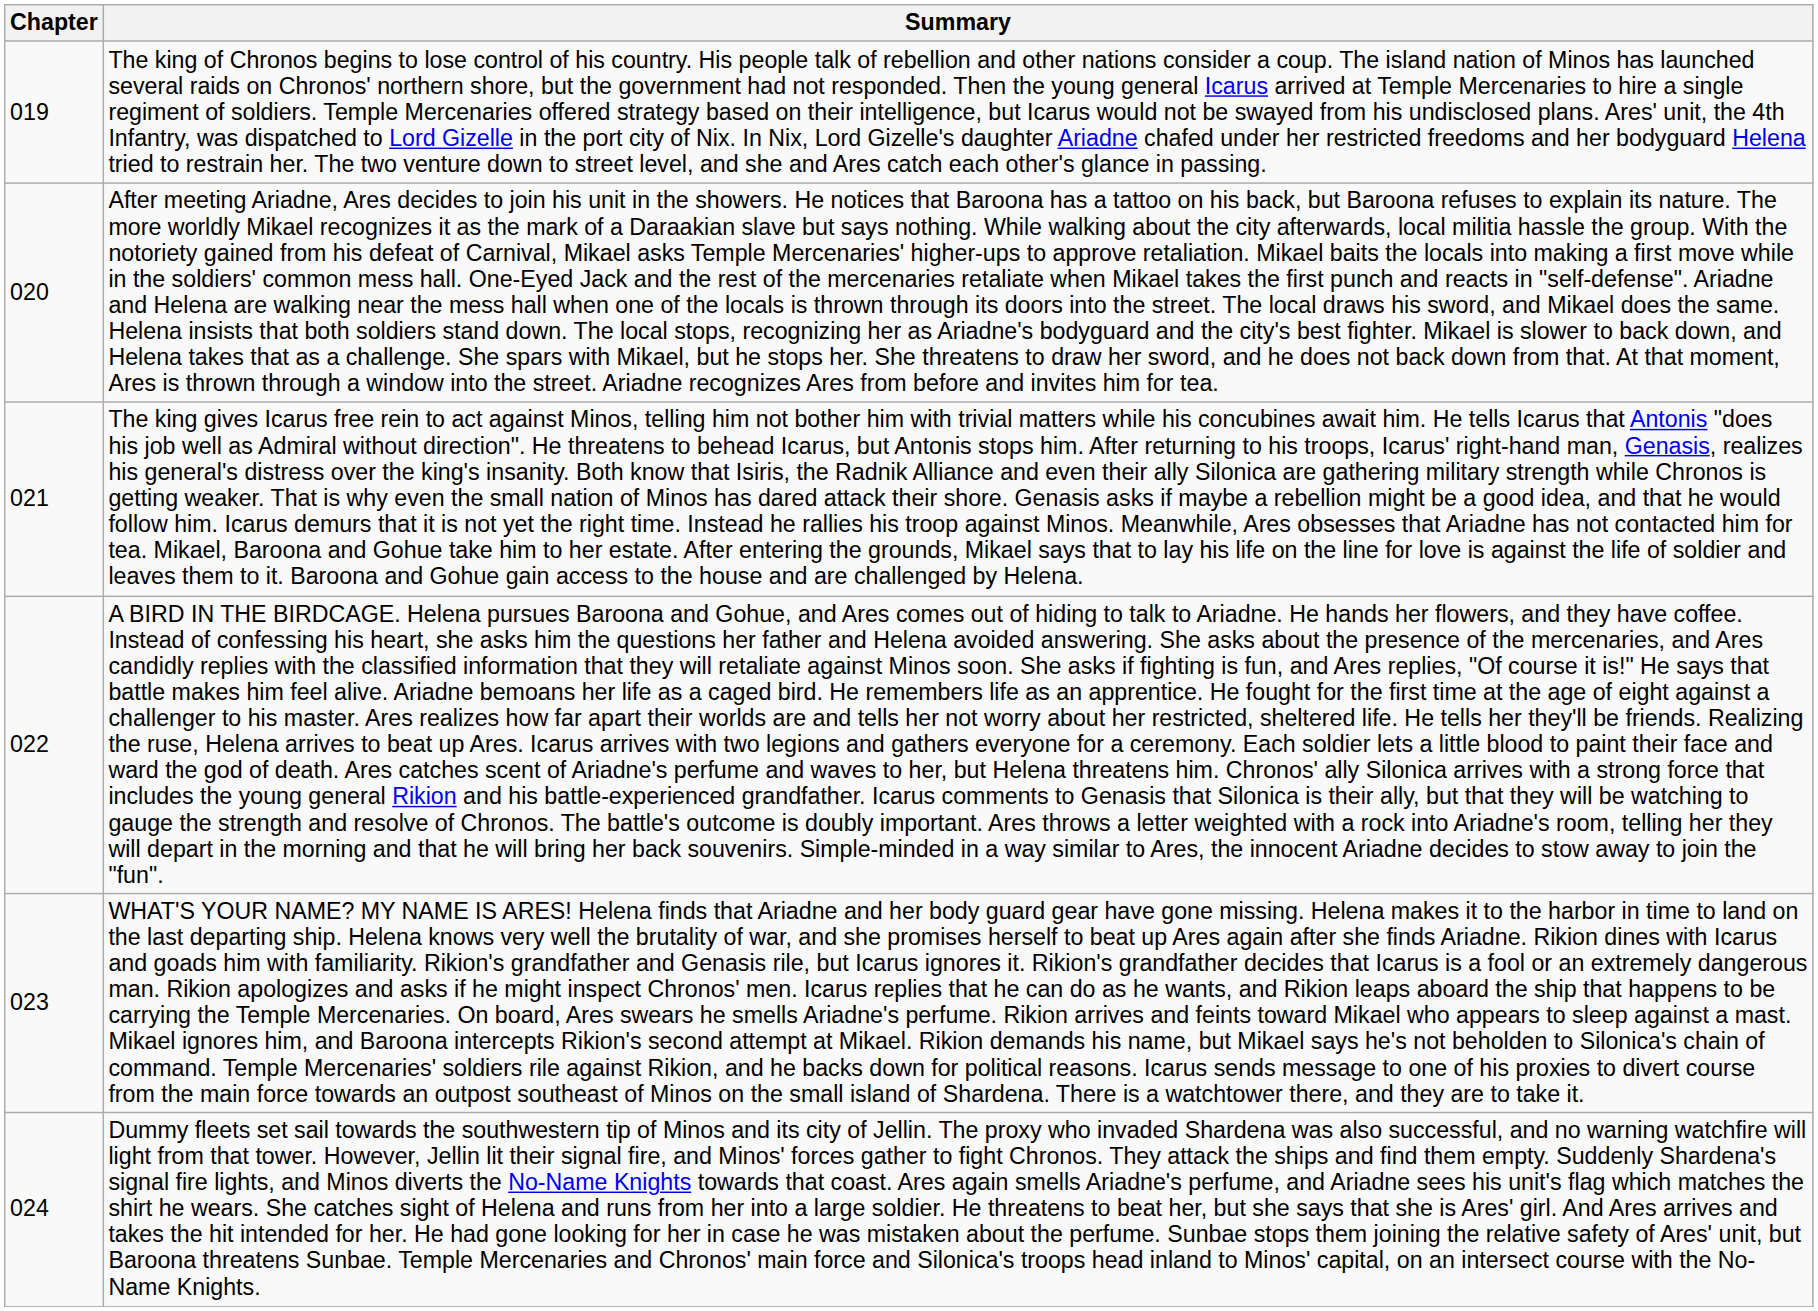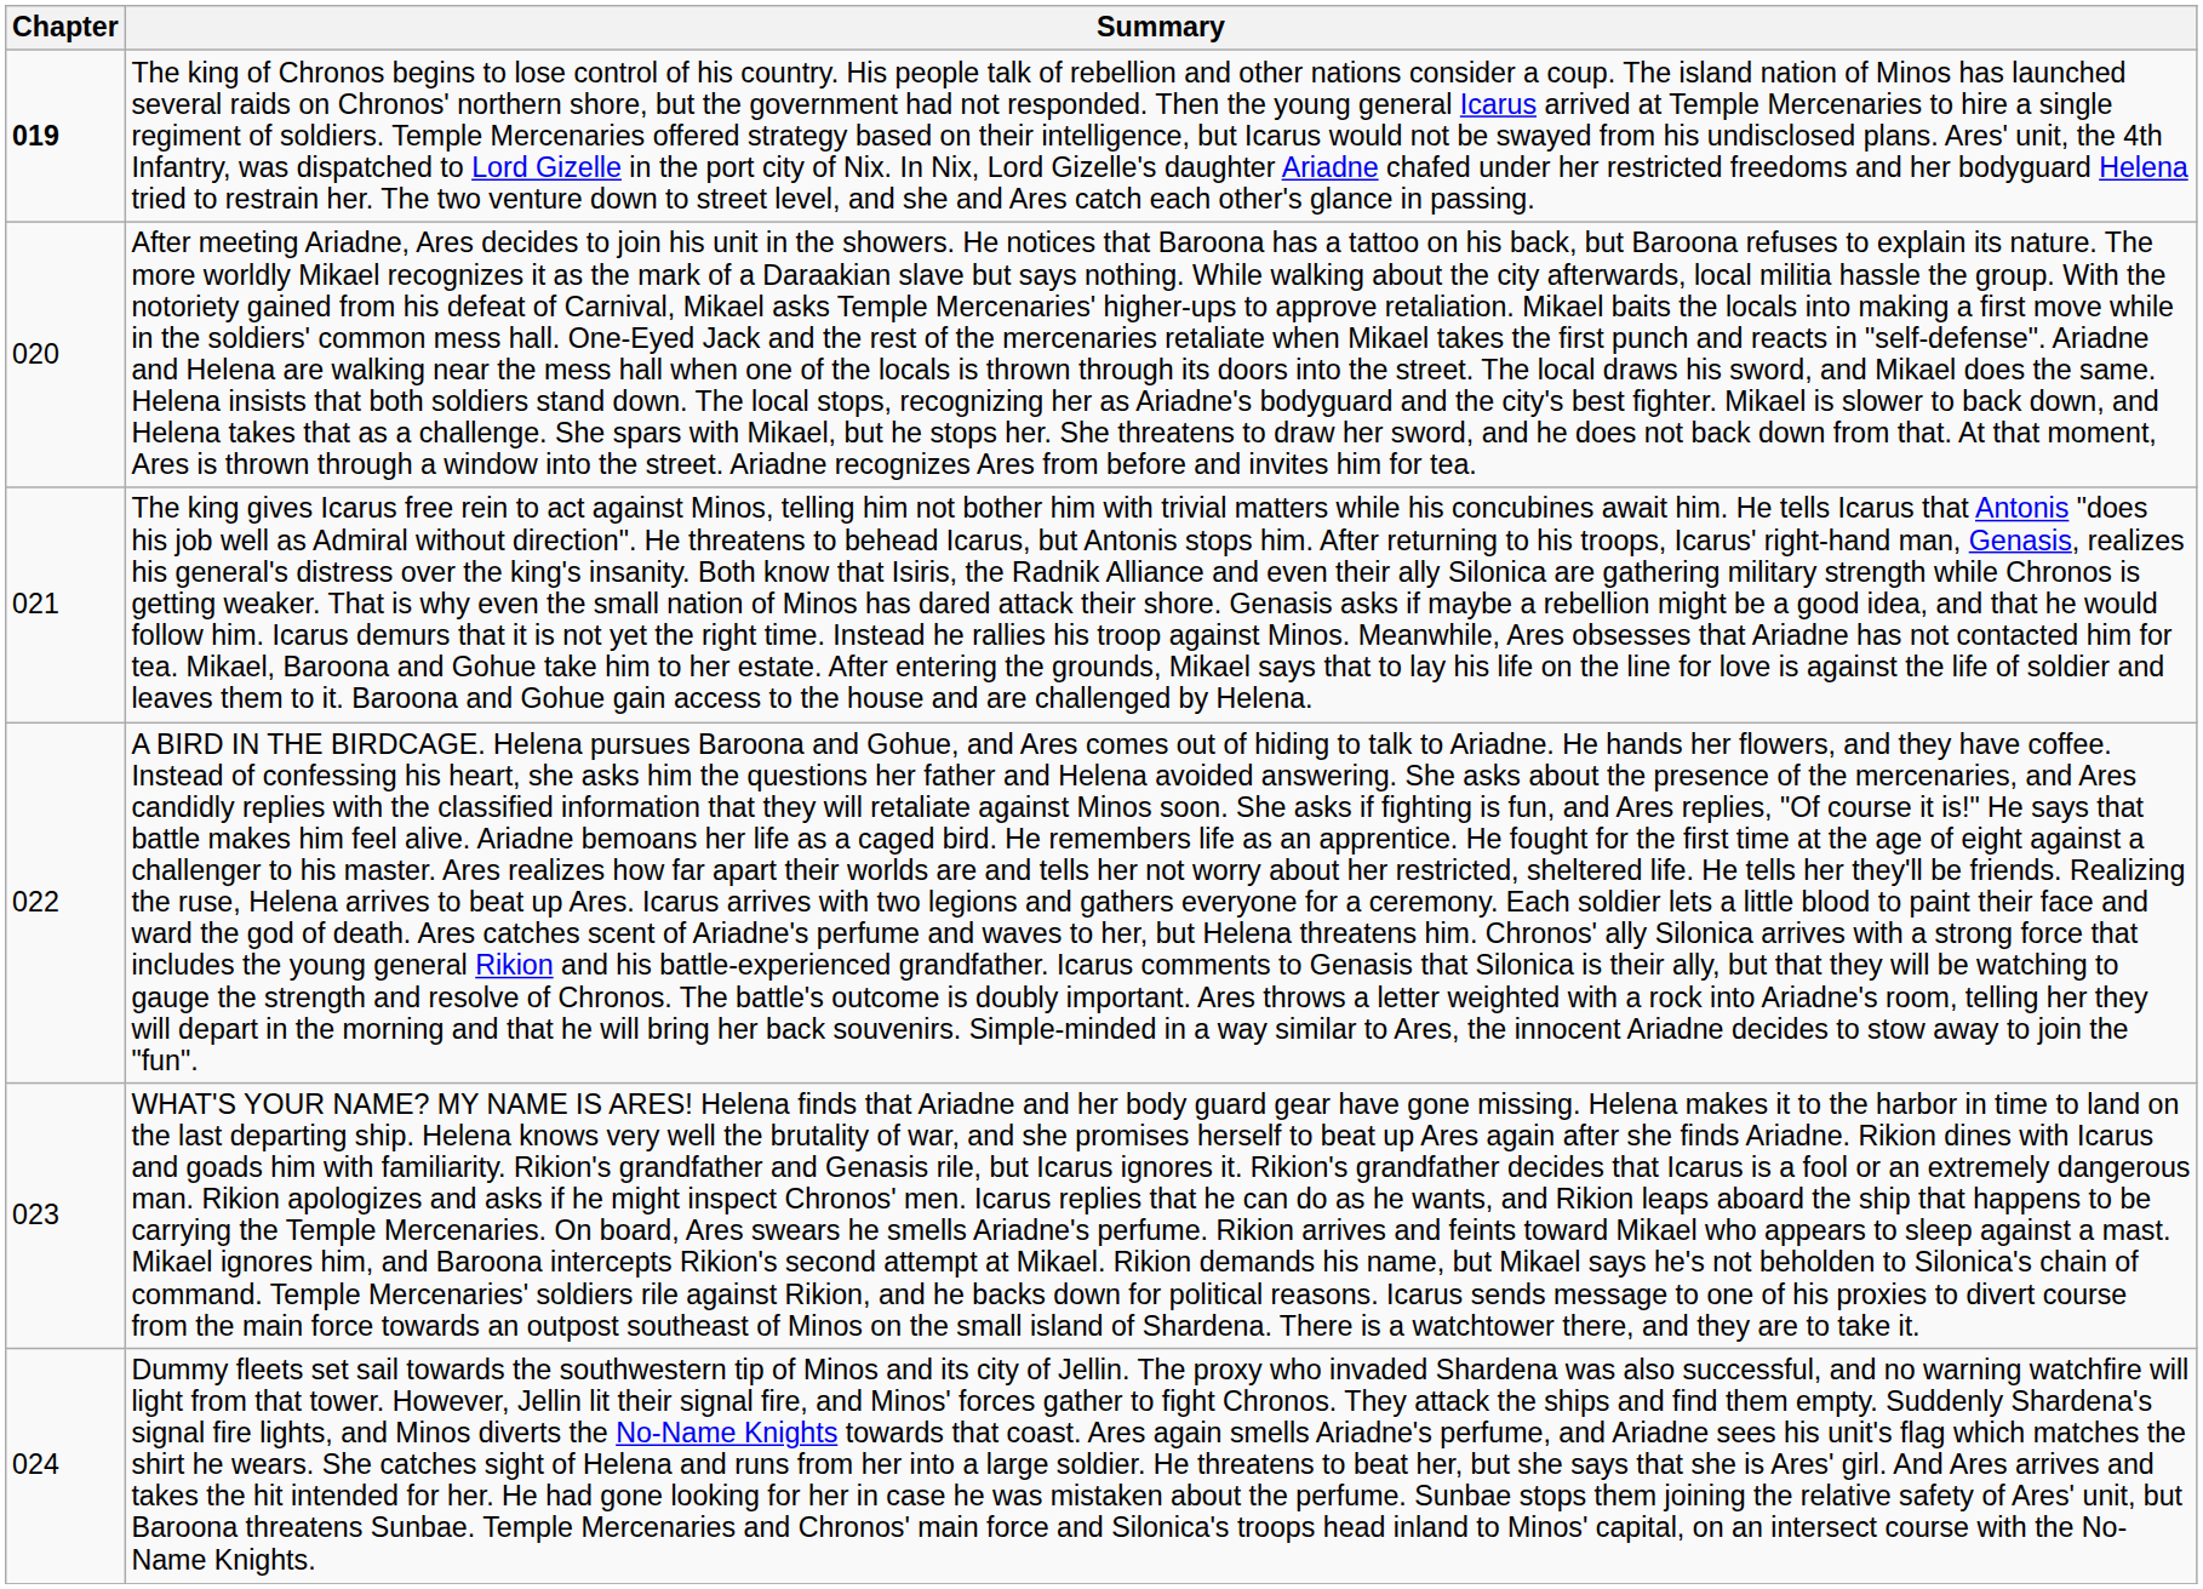 <table class="wikitable">
 <tr>
 <th>Chapter</th>
 <th>Summary</th>
 </tr>
 <tr>
-<td>019</td>
+<td><strong>019</strong></td>
 <td>The king of Chronos begins to lose control of his country. His people talk of rebellion and other nations consider a coup. The island nation of Minos has launched several raids on Chronos' northern shore, but the government had not responded. Then the young general <a href='#'>Icarus</a> arrived at Temple Mercenaries to hire a single regiment of soldiers. Temple Mercenaries offered strategy based on their intelligence, but Icarus would not be swayed from his undisclosed plans. Ares' unit, the 4th Infantry, was dispatched to <a href='#'>Lord Gizelle</a> in the port city of Nix. In Nix, Lord Gizelle's daughter <a href='#'>Ariadne</a> chafed under her restricted freedoms and her bodyguard <a href='#'>Helena</a> tried to restrain her. The two venture down to street level, and she and Ares catch each other's glance in passing.</td>
 </tr>
 <tr>
 <td>020</td>
 <td>After meeting Ariadne, Ares decides to join his unit in the showers. He notices that Baroona has a tattoo on his back, but Baroona refuses to explain its nature. The more worldly Mikael recognizes it as the mark of a Daraakian slave but says nothing. While walking about the city afterwards, local militia hassle the group. With the notoriety gained from his defeat of Carnival, Mikael asks Temple Mercenaries' higher-ups to approve retaliation. Mikael baits the locals into making a first move while in the soldiers' common mess hall. One-Eyed Jack and the rest of the mercenaries retaliate when Mikael takes the first punch and reacts in "self-defense". Ariadne and Helena are walking near the mess hall when one of the locals is thrown through its doors into the street. The local draws his sword, and Mikael does the same. Helena insists that both soldiers stand down. The local stops, recognizing her as Ariadne's bodyguard and the city's best fighter. Mikael is slower to back down, and Helena takes that as a challenge. She spars with Mikael, but he stops her. She threatens to draw her sword, and he does not back down from that. At that moment, Ares is thrown through a window into the street. Ariadne recognizes Ares from before and invites him for tea.</td>
 </tr>
 <tr>
 <td>021</td>
 <td>The king gives Icarus free rein to act against Minos, telling him not bother him with trivial matters while his concubines await him. He tells Icarus that <a href='#'>Antonis</a> "does his job well as Admiral without direction". He threatens to behead Icarus, but Antonis stops him. After returning to his troops, Icarus' right-hand man, <a href='#'>Genasis</a>, realizes his general's distress over the king's insanity. Both know that Isiris, the Radnik Alliance and even their ally Silonica are gathering military strength while Chronos is getting weaker. That is why even the small nation of Minos has dared attack their shore. Genasis asks if maybe a rebellion might be a good idea, and that he would follow him. Icarus demurs that it is not yet the right time. Instead he rallies his troop against Minos. Meanwhile, Ares obsesses that Ariadne has not contacted him for tea. Mikael, Baroona and Gohue take him to her estate. After entering the grounds, Mikael says that to lay his life on the line for love is against the life of soldier and leaves them to it. Baroona and Gohue gain access to the house and are challenged by Helena.</td>
 </tr>
 <tr>
 <td>022</td>
 <td>A BIRD IN THE BIRDCAGE. Helena pursues Baroona and Gohue, and Ares comes out of hiding to talk to Ariadne. He hands her flowers, and they have coffee. Instead of confessing his heart, she asks him the questions her father and Helena avoided answering. She asks about the presence of the mercenaries, and Ares candidly replies with the classified information that they will retaliate against Minos soon. She asks if fighting is fun, and Ares replies, "Of course it is!" He says that battle makes him feel alive. Ariadne bemoans her life as a caged bird. He remembers life as an apprentice. He fought for the first time at the age of eight against a challenger to his master. Ares realizes how far apart their worlds are and tells her not worry about her restricted, sheltered life. He tells her they'll be friends. Realizing the ruse, Helena arrives to beat up Ares. Icarus arrives with two legions and gathers everyone for a ceremony. Each soldier lets a little blood to paint their face and ward the god of death. Ares catches scent of Ariadne's perfume and waves to her, but Helena threatens him. Chronos' ally Silonica arrives with a strong force that includes the young general <a href='#'>Rikion</a> and his battle-experienced grandfather.  Icarus comments to Genasis that Silonica is their ally, but that they will be watching to gauge the strength and resolve of Chronos. The battle's outcome is doubly important. Ares throws a letter weighted with a rock into Ariadne's room, telling her they will depart in the morning and that he will bring her back souvenirs. Simple-minded in a way similar to Ares, the innocent Ariadne decides to stow away to join the "fun".</td>
 </tr>
 <tr>
 <td>023</td>
 <td>WHAT'S YOUR NAME? MY NAME IS ARES! Helena finds that Ariadne and her body guard gear have gone missing. Helena makes it to the harbor in time to land on the last departing ship. Helena knows very well the brutality of war, and she promises herself to beat up Ares again after she finds Ariadne. Rikion dines with Icarus and goads him with familiarity. Rikion's grandfather and Genasis rile, but Icarus ignores it. Rikion's grandfather decides that Icarus is a fool or an extremely dangerous man. Rikion apologizes and asks if he might inspect Chronos' men. Icarus replies that he can do as he wants, and Rikion leaps aboard the ship that happens to be carrying the Temple Mercenaries. On board, Ares swears he smells Ariadne's perfume. Rikion arrives and feints toward Mikael who appears to sleep against a mast. Mikael ignores him, and Baroona intercepts Rikion's second attempt at Mikael. Rikion demands his name, but Mikael says he's not beholden to Silonica's chain of command. Temple Mercenaries' soldiers rile against Rikion, and he backs down for political reasons. Icarus sends message to one of his proxies to divert course from the main force towards an outpost southeast of Minos on the small island of Shardena. There is a watchtower there, and they are to take it.</td>
 </tr>
 <tr>
 <td>024</td>
 <td>Dummy fleets set sail towards the southwestern tip of Minos and its city of Jellin. The proxy who invaded Shardena was also successful, and no warning watchfire will light from that tower. However, Jellin lit their signal fire, and Minos' forces gather to fight Chronos. They attack the ships and find them empty. Suddenly Shardena's signal fire lights, and Minos diverts the <a href='#'>No-Name Knights</a> towards that coast. Ares again smells Ariadne's perfume, and Ariadne sees his unit's flag which matches the shirt he wears. She catches sight of Helena and runs from her into a large soldier. He threatens to beat her, but she says that she is Ares' girl. And Ares arrives and takes the hit intended for her. He had gone looking for her in case he was mistaken about the perfume. Sunbae stops them joining the relative safety of Ares' unit, but Baroona threatens Sunbae. Temple Mercenaries and Chronos' main force and Silonica's troops head inland to Minos' capital, on an intersect course with the No-Name Knights.</td>
 </tr>
 </table>
